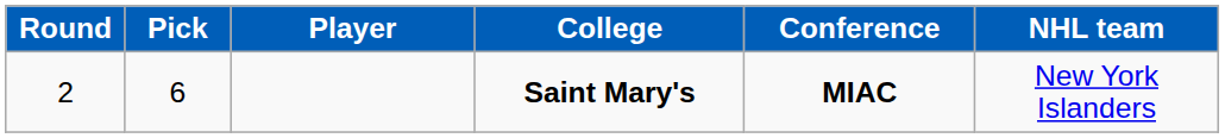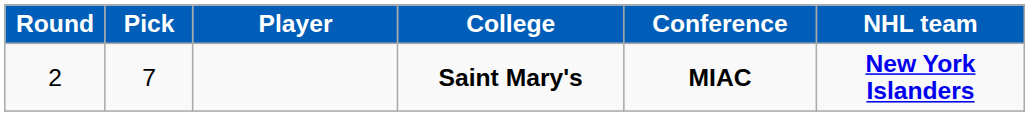 <table class="wikitable sortable" width="75%">
 <tr>
 <th style="color:white; background-color:#005EB8; width: 4em;">Round</th>
 <th style="color:white; background-color:#005EB8; width: 4em;">Pick</th>
 <th style="color:white; background-color:#005EB8; width: 12em;">Player</th>
 <th style="color:white; background-color:#005EB8; width: 13em;">College</th>
 <th style="color:white; background-color:#005EB8; width: 9em;">Conference</th>
 <th style="color:white; background-color:#005EB8; width: 11em;">NHL team</th>
 </tr>
 <tr align="center" bgcolor="">
 <td>2</td>
-<td>6</td>
+<td>7</td>
 <td></td>
 <td><strong>Saint Mary's</strong></td>
 <td><strong>MIAC</strong></td>
-<td><a href='#'>New York Islanders</a></td>
+<td><strong><a href='#'>New York Islanders</a></strong></td>
 </tr>
 </table>
